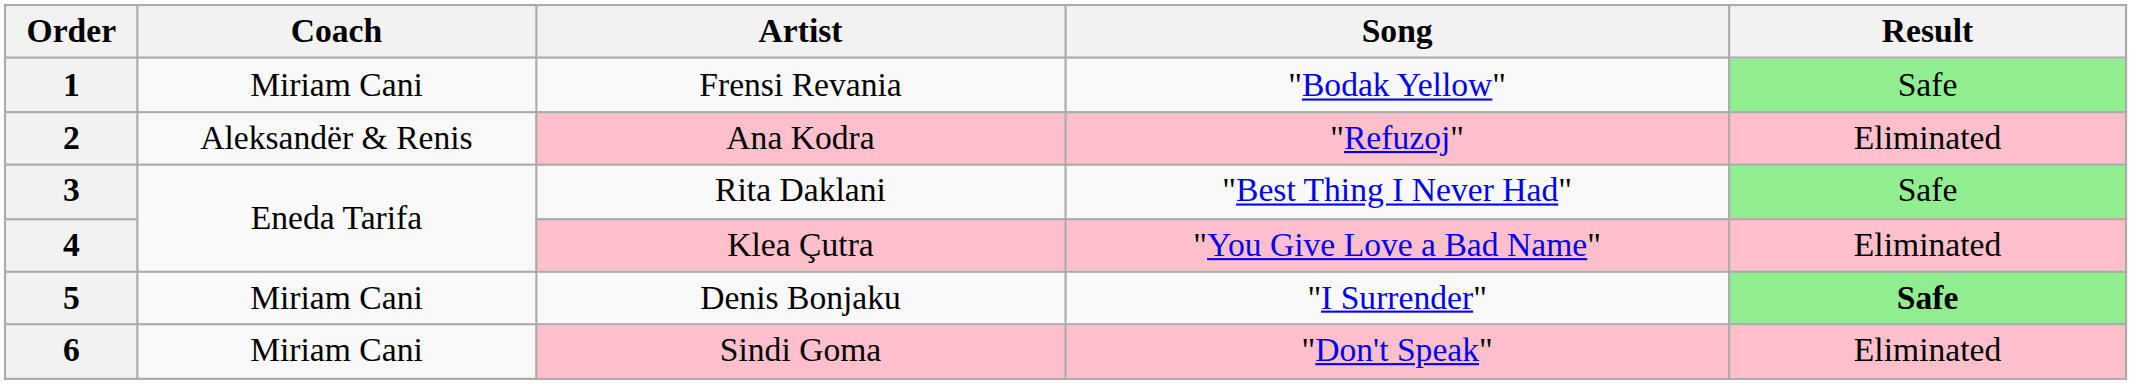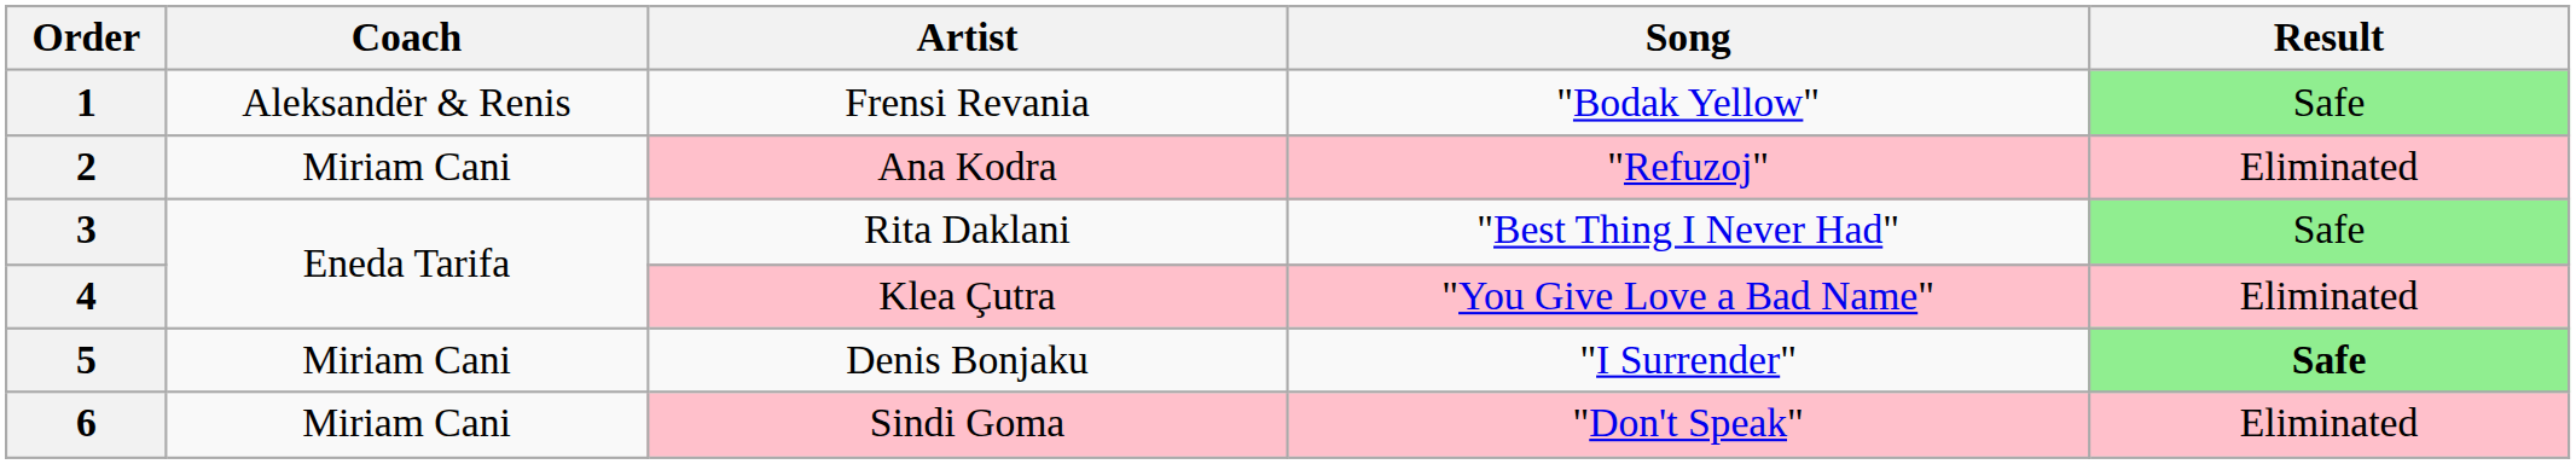 <table class="wikitable" style="text-align:center; width:80%;">
 <tr>
 <th width="05%">Order</th>
 <th width="15%">Coach</th>
 <th width="20%">Artist</th>
 <th width="25%">Song</th>
 <th width="15%">Result</th>
 </tr>
 <tr>
 <th>1</th>
-<td>Miriam Cani</td>
+<td>Aleksandër & Renis</td>
 <td>Frensi Revania</td>
 <td>"<a href='#'>Bodak Yellow</a>"</td>
 <td style="background:lightgreen;">Safe</td>
 </tr>
 <tr>
 <th>2</th>
-<td>Aleksandër & Renis</td>
+<td>Miriam Cani</td>
 <td style="background-color:pink;">Ana Kodra</td>
 <td style="background-color:pink;">"<a href='#'>Refuzoj</a>"</td>
 <td style="background-color:pink;">Eliminated</td>
 </tr>
 <tr>
 <th>3</th>
 <td rowspan=2>Eneda Tarifa</td>
 <td>Rita Daklani</td>
 <td>"<a href='#'>Best Thing I Never Had</a>"</td>
 <td style="background:lightgreen;">Safe</td>
 </tr>
 <tr>
 <th>4</th>
 <td style="background-color:pink;">Klea Çutra</td>
 <td style="background-color:pink;">"<a href='#'>You Give Love a Bad Name</a>"</td>
 <td style="background-color:pink;">Eliminated</td>
 </tr>
 <tr>
 <th>5</th>
 <td>Miriam Cani</td>
 <td>Denis Bonjaku</td>
 <td>"<a href='#'>I Surrender</a>"</td>
 <td style="background:lightgreen;"><strong>Safe</strong></td>
 </tr>
 <tr>
 <th>6</th>
 <td>Miriam Cani</td>
 <td style="background-color:pink;">Sindi Goma</td>
 <td style="background-color:pink;">"<a href='#'>Don't Speak</a>"</td>
 <td style="background-color:pink;">Eliminated</td>
 </tr>
 </table>
